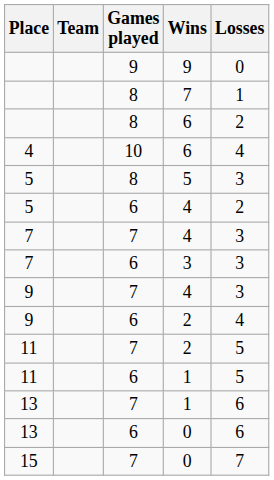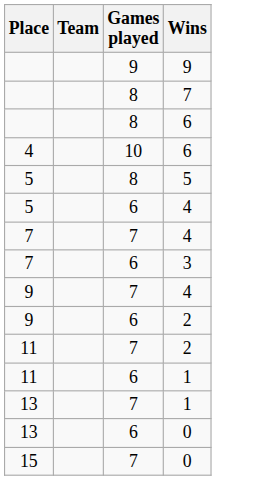 <table class="wikitable" style="text-align:center;">
 <tr>
 <th>Place</th>
 <th>Team</th>
 <th>Games<br>played</th>
 <th>Wins</th>
-<th>Losses</th>
 </tr>
 <tr>
 <td></td>
 <td align=left></td>
 <td>9</td>
 <td>9</td>
-<td>0</td>
 </tr>
 <tr>
 <td></td>
 <td align=left></td>
 <td>8</td>
 <td>7</td>
-<td>1</td>
 </tr>
 <tr>
 <td></td>
 <td align=left></td>
 <td>8</td>
 <td>6</td>
-<td>2</td>
 </tr>
 <tr>
 <td>4</td>
 <td align=left></td>
 <td>10</td>
 <td>6</td>
-<td>4</td>
 </tr>
 <tr>
 <td>5</td>
 <td align=left></td>
 <td>8</td>
 <td>5</td>
-<td>3</td>
 </tr>
 <tr>
 <td>5</td>
 <td align=left></td>
 <td>6</td>
 <td>4</td>
-<td>2</td>
 </tr>
 <tr>
 <td>7</td>
 <td align=left></td>
 <td>7</td>
 <td>4</td>
-<td>3</td>
 </tr>
 <tr>
 <td>7</td>
 <td align=left></td>
 <td>6</td>
-<td>3</td>
 <td>3</td>
 </tr>
 <tr>
 <td>9</td>
 <td align=left></td>
 <td>7</td>
 <td>4</td>
-<td>3</td>
 </tr>
 <tr>
 <td>9</td>
 <td align=left></td>
 <td>6</td>
 <td>2</td>
-<td>4</td>
 </tr>
 <tr>
 <td>11</td>
 <td align=left></td>
 <td>7</td>
 <td>2</td>
-<td>5</td>
 </tr>
 <tr>
 <td>11</td>
 <td align=left></td>
 <td>6</td>
 <td>1</td>
-<td>5</td>
 </tr>
 <tr>
 <td>13</td>
 <td align=left></td>
 <td>7</td>
 <td>1</td>
-<td>6</td>
 </tr>
 <tr>
 <td>13</td>
 <td align=left></td>
 <td>6</td>
 <td>0</td>
-<td>6</td>
 </tr>
 <tr>
 <td>15</td>
 <td align=left></td>
 <td>7</td>
 <td>0</td>
-<td>7</td>
 </tr>
 </table>
